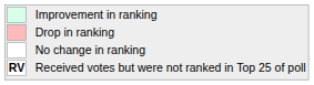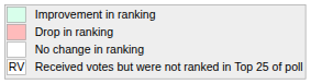 <table style="font-size:90%; border:1px solid #aaaaaa; white-space:nowrap; background:#eeeeee;">
 <tr>
 <td style="background:#D8FFEB; width:20px; border:1px solid #aaaaaa;"> </td>
 <td rowspan=5> </td>
 <td>Improvement in ranking</td>
 </tr>
 <tr>
 <td style="background:#FFBBBB; width:20px; border:1px solid #aaaaaa;"> </td>
 <td>Drop in ranking</td>
 </tr>
 <tr>
 <td style="background:#FFF; width:20px; border:1px solid #aaaaaa;"> </td>
 <td>No change in ranking</td>
 </tr>
 <tr>
-<td align=center style="width:20px; border:1px solid #aaaaaa; background:white;"><strong>RV</strong></td>
+<td align=center style="width:20px; border:1px solid #aaaaaa; background:white;">RV</td>
 <td>Received votes but were not ranked in Top 25 of poll</td>
 </tr>
 <tr>
 </tr>
 </table>
